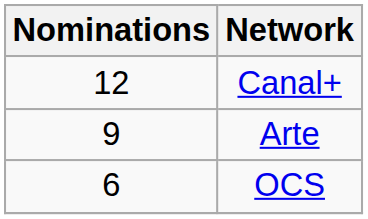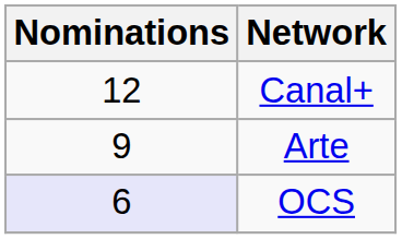 <table class="wikitable sortable" style="text-align: center; max-width:20em">
 <tr>
 <th scope="col">Nominations</th>
 <th scope="col">Network</th>
 </tr>
 <tr>
 <td scope="row">12</td>
 <td><a href='#'>Canal+</a></td>
 </tr>
 <tr>
 <td scope="row" rowspan="1">9</td>
 <td><a href='#'>Arte</a></td>
 </tr>
 <tr>
-<td scope="row" rowspan="1">6</td>
+<td scope="row" rowspan="1" style="background: lavender;">6</td>
 <td><a href='#'>OCS</a></td>
 </tr>
 <tr>
 </tr>
 </table>
